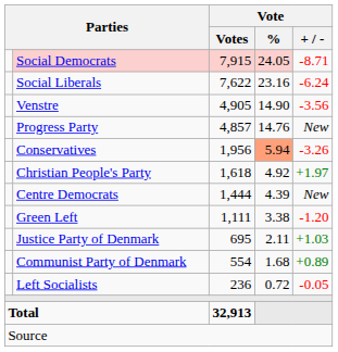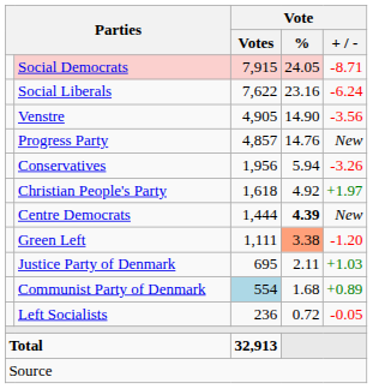 <table class="wikitable" style="text-align:right;">
 <tr>
 <th style="text-align:centre;" rowspan="2" colspan="2" width="225">Parties</th>
 <th colspan="3">Vote</th>
 </tr>
 <tr>
 <th width="15">Votes</th>
 <th width="15">%</th>
 <th width="15">+ / -</th>
 </tr>
 <tr>
 <td width="2" style="color:inherit;background:"></td>
 <td bgcolor=#fbd0ce  align="left"><a href='#'>Social Democrats</a></td>
 <td bgcolor=#fbd0ce>7,915</td>
 <td bgcolor=#fbd0ce>24.05</td>
 <td style=color:red;>-8.71</td>
 </tr>
 <tr>
 <td width="2" style="color:inherit;background:"></td>
 <td align="left"><a href='#'>Social Liberals</a></td>
 <td>7,622</td>
 <td>23.16</td>
 <td style=color:red;>-6.24</td>
 </tr>
 <tr>
 <td width="2" style="color:inherit;background:"></td>
 <td align="left"><a href='#'>Venstre</a></td>
 <td>4,905</td>
 <td>14.90</td>
 <td style=color:red;>-3.56</td>
 </tr>
 <tr>
 <td width="2" style="color:inherit;background:"></td>
 <td align="left"><a href='#'>Progress Party</a></td>
 <td>4,857</td>
 <td>14.76</td>
 <td><em>New</em></td>
 </tr>
 <tr>
 <td width="2" style="color:inherit;background:"></td>
 <td align="left"><a href='#'>Conservatives</a></td>
 <td>1,956</td>
-<td style="background: lightsalmon;">5.94</td>
+<td>5.94</td>
 <td style=color:red;>-3.26</td>
 </tr>
 <tr>
 <td width="2" style="color:inherit;background:"></td>
 <td align="left"><a href='#'>Christian People's Party</a></td>
 <td>1,618</td>
 <td>4.92</td>
 <td style=color:green;>+1.97</td>
 </tr>
 <tr>
 <td width="2" style="color:inherit;background:"></td>
 <td align="left"><a href='#'>Centre Democrats</a></td>
 <td>1,444</td>
-<td>4.39</td>
+<td><strong>4.39</strong></td>
 <td><em>New</em></td>
 </tr>
 <tr>
 <td width="2" style="color:inherit;background:"></td>
 <td align="left"><a href='#'>Green Left</a></td>
 <td>1,111</td>
-<td>3.38</td>
+<td style="background: lightsalmon;">3.38</td>
 <td style=color:red;>-1.20</td>
 </tr>
 <tr>
 <td width="2" style="color:inherit;background:"></td>
 <td align="left"><a href='#'>Justice Party of Denmark</a></td>
 <td>695</td>
 <td>2.11</td>
 <td style=color:green;>+1.03</td>
 </tr>
 <tr>
 <td width="2" style="color:inherit;background:"></td>
 <td align="left"><a href='#'>Communist Party of Denmark</a></td>
-<td>554</td>
+<td style="background: lightblue;">554</td>
 <td>1.68</td>
 <td style=color:green;>+0.89</td>
 </tr>
 <tr>
 <td width="2" style="color:inherit;background:"></td>
 <td align="left"><a href='#'>Left Socialists</a></td>
 <td>236</td>
 <td>0.72</td>
 <td style=color:red;>-0.05</td>
 </tr>
 <tr>
 <td colspan="7" bgcolor="#E9E9E9"></td>
 </tr>
 <tr>
 <td align="left" colspan="2"><strong>Total</strong></td>
 <td><strong>32,913</strong></td>
 <td bgcolor="#E9E9E9" colspan="2"></td>
 </tr>
 <tr>
 <td align="left" colspan="6">Source</td>
 </tr>
 </table>
